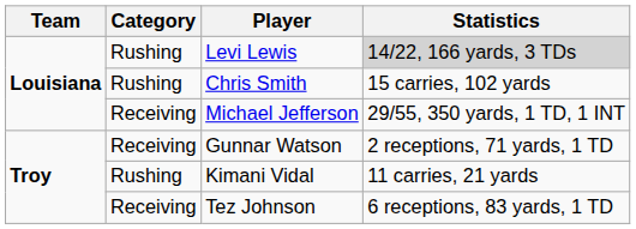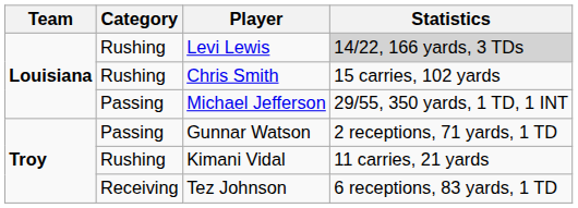 <table class="wikitable" style="float: left;">
 <tr>
 <th>Team</th>
 <th>Category</th>
 <th>Player</th>
 <th>Statistics</th>
 </tr>
 <tr>
 <td rowspan=3><strong>Louisiana</strong></td>
 <td>Rushing</td>
 <td><a href='#'>Levi Lewis</a></td>
 <td style="background: lightgrey;">14/22, 166 yards, 3 TDs</td>
 </tr>
 <tr>
 <td>Rushing</td>
 <td><a href='#'>Chris Smith</a></td>
 <td>15 carries, 102 yards</td>
 </tr>
 <tr>
-<td>Receiving</td>
+<td>Passing</td>
 <td><a href='#'>Michael Jefferson</a></td>
 <td>29/55, 350 yards, 1 TD, 1 INT</td>
 </tr>
 <tr>
 <td rowspan=3><strong>Troy</strong></td>
-<td>Receiving</td>
+<td>Passing</td>
 <td>Gunnar Watson</td>
 <td>2 receptions, 71 yards, 1 TD</td>
 </tr>
 <tr>
 <td>Rushing</td>
 <td>Kimani Vidal</td>
 <td>11 carries, 21 yards</td>
 </tr>
 <tr>
 <td>Receiving</td>
 <td>Tez Johnson</td>
 <td>6 receptions, 83 yards, 1 TD</td>
 </tr>
 </table>
